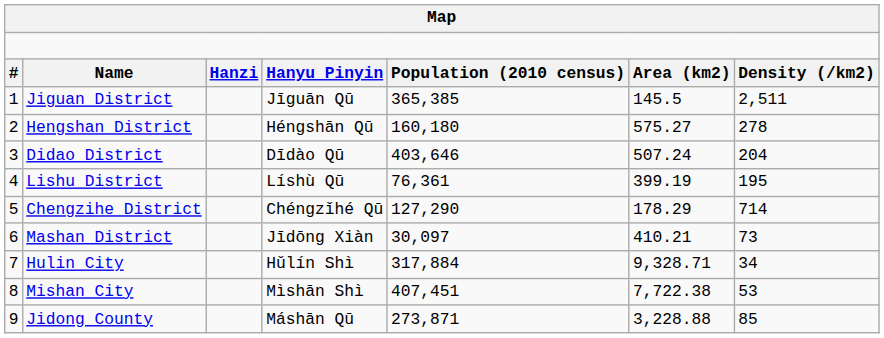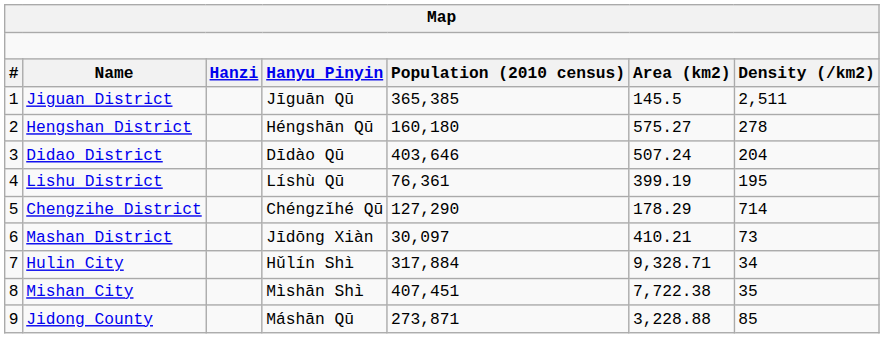 <table class="wikitable"  style="font-size:90%;" align=center>
 <tr>
 <th colspan="7" align="center">Map</th>
 </tr>
 <tr>
 <td colspan="7" align="center"><div><br>             </div></td>
 </tr>
 <tr>
 <th>#</th>
 <th>Name</th>
 <th><a href='#'>Hanzi</a></th>
 <th><a href='#'>Hanyu Pinyin</a></th>
 <th>Population (2010 census)</th>
 <th>Area (km2)</th>
 <th>Density (/km2)</th>
 </tr>
 <tr --------->
 <td>1</td>
 <td><a href='#'>Jiguan District</a></td>
 <td></td>
 <td>Jīguān Qū</td>
 <td>365,385</td>
 <td>145.5</td>
 <td>2,511</td>
 </tr>
 <tr --------->
 <td>2</td>
 <td><a href='#'>Hengshan District</a></td>
 <td></td>
 <td>Héngshān Qū</td>
 <td>160,180</td>
 <td>575.27</td>
 <td>278</td>
 </tr>
 <tr --------->
 <td>3</td>
 <td><a href='#'>Didao District</a></td>
 <td></td>
 <td>Dīdào Qū</td>
 <td>403,646</td>
 <td>507.24</td>
 <td>204</td>
 </tr>
 <tr --------->
 <td>4</td>
 <td><a href='#'>Lishu District</a></td>
 <td></td>
 <td>Líshù Qū</td>
 <td>76,361</td>
 <td>399.19</td>
 <td>195</td>
 </tr>
 <tr --------->
 <td>5</td>
 <td><a href='#'>Chengzihe District</a></td>
 <td></td>
 <td>Chéngzǐhé Qū</td>
 <td>127,290</td>
 <td>178.29</td>
 <td>714</td>
 </tr>
 <tr --------->
 <td>6</td>
 <td><a href='#'>Mashan District</a></td>
 <td></td>
 <td>Jīdōng Xiàn</td>
 <td>30,097</td>
 <td>410.21</td>
 <td>73</td>
 </tr>
 <tr --------->
 <td>7</td>
 <td><a href='#'>Hulin City</a></td>
 <td></td>
 <td>Hǔlín Shì</td>
 <td>317,884</td>
 <td>9,328.71</td>
 <td>34</td>
 </tr>
 <tr --------->
 <td>8</td>
 <td><a href='#'>Mishan City</a></td>
 <td></td>
 <td>Mìshān Shì</td>
 <td>407,451</td>
 <td>7,722.38</td>
-<td>53</td>
+<td>35</td>
 </tr>
 <tr --------->
 <td>9</td>
 <td><a href='#'>Jidong County</a></td>
 <td></td>
 <td>Máshān Qū</td>
 <td>273,871</td>
 <td>3,228.88</td>
 <td>85</td>
 </tr>
 </table>
